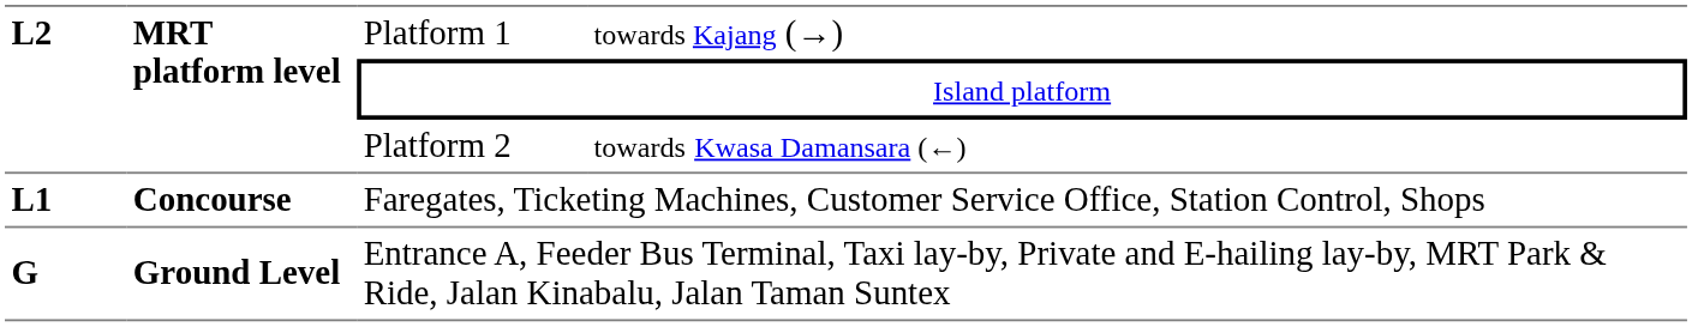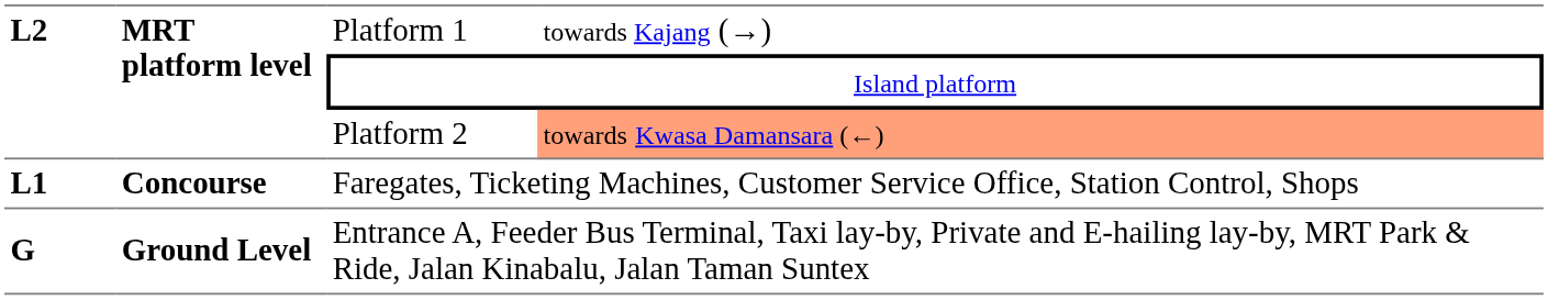 <table border="0" cellspacing="0" cellpadding="3">
 <tr>
 <td rowspan="3" style="border-top:solid 1px gray;border-bottom:solid 1px gray; vertical-align:top;"><strong>L2</strong></td>
 <td rowspan="3" style="border-top:solid 1px gray;border-bottom:solid 1px gray; vertical-align:top;"><strong>MRT platform level</strong></td>
 <td style="border-top:solid 1px gray;">Platform 1</td>
 <td style="border-top:solid 1px gray;width:500px;"> <small> towards <a href='#'>Kajang</a></small>  (→)</td>
 </tr>
 <tr>
 <td colspan="2" style="border-top:solid 2px black;border-right:solid 2px black;border-left:solid 2px black;border-bottom:solid 2px black;text-align:center;"><small><a href='#'>Island platform</a></small></td>
 </tr>
 <tr>
 <td style="width:100px;border-bottom:solid 1px gray;">Platform 2</td>
-<td style="border-bottom:solid 1px gray;"> <small> towards</small> <small> <a href='#'>Kwasa Damansara</a> (←)</small></td>
+<td style="background: lightsalmon; border-bottom:solid 1px gray;"> <small> towards</small> <small> <a href='#'>Kwasa Damansara</a> (←)</small></td>
 </tr>
 <tr style="vertical-align:top;">
 <td style="width:50px; border-bottom:solid 1px gray; "><strong>L1</strong></td>
 <td style="width:100px; border-bottom:solid 1px gray; "><strong>Concourse</strong></td>
 <td colspan="2" style="width:100px; border-bottom:solid 1px gray; ">Faregates, Ticketing Machines, Customer Service Office, Station Control, Shops</td>
 </tr>
 <tr>
 <td style="width:50px; border-bottom:solid 1px gray; "><strong>G</strong></td>
 <td style="width:100px; border-bottom:solid 1px gray; "><strong>Ground Level</strong></td>
 <td colspan="2" style="width:100px; border-bottom:solid 1px gray; ">Entrance A, Feeder Bus Terminal, Taxi lay-by, Private and E-hailing lay-by, MRT Park & Ride, Jalan Kinabalu, Jalan Taman Suntex</td>
 </tr>
 </table>
